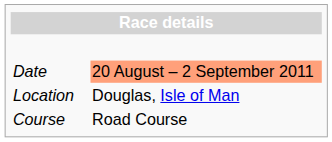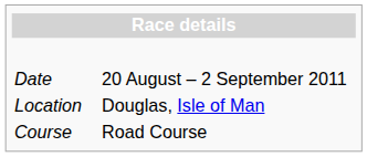 <table class="infobox" align="right" cellpadding="2" style="float:right; width: 20em;">
 <tr>
 </tr>
 <tr>
 <th colspan="3"  style="color:#fff; background:lightgrey; text-align:center;">Race details</th>
 </tr>
 <tr>
 <td colspan="3" style="text-align:center;"><br></td>
 </tr>
 <tr>
 <td style="width: 25%;"><em>Date</em></td>
-<td style="background: lightsalmon;">20 August – 2 September 2011</td>
+<td>20 August – 2 September 2011</td>
 </tr>
 <tr>
 <td><em>Location</em></td>
 <td colspan=3>Douglas, <a href='#'>Isle of Man</a></td>
 </tr>
 <tr>
 <td><em>Course</em></td>
 <td colspan=3>Road Course <br> </td>
 </tr>
 </table>
